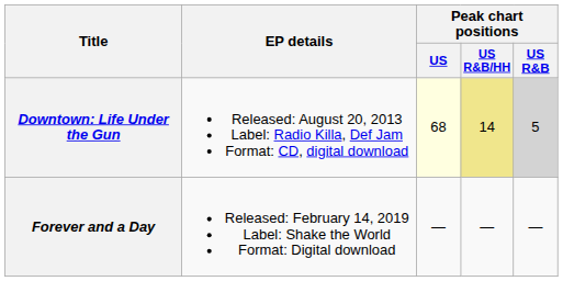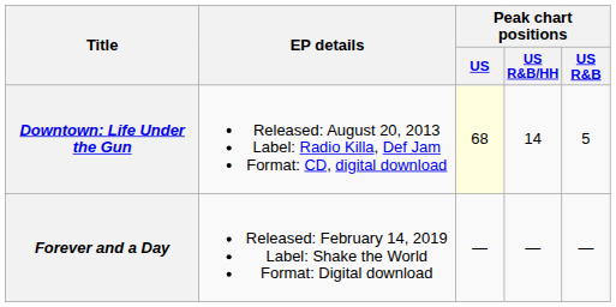 <table class="wikitable plainrowheaders" style="text-align:center;">
 <tr>
 <th scope="col" rowspan="2" style="width:12em;">Title</th>
 <th scope="col" rowspan="2" style="width:16em;">EP details</th>
 <th scope="col" colspan="4">Peak chart positions</th>
 </tr>
 <tr>
 <th scope="col" style="width:3em;font-size:90%;"><a href='#'>US</a><br></th>
 <th scope="col" style="width:3em;font-size:85%;"><a href='#'>US<br>R&B/HH</a><br></th>
 <th scope="col" style="width:3em;font-size:90%;"><a href='#'>US<br>R&B</a><br></th>
 </tr>
 <tr>
 <th scope="row"><em><a href='#'>Downtown: Life Under the Gun</a></em></th>
 <td><br><ul><li>Released: August 20, 2013</li><li>Label: <a href='#'>Radio Killa</a>, <a href='#'>Def Jam</a></li><li>Format: <a href='#'>CD</a>, <a href='#'>digital download</a></li></ul></td>
 <td style="background: lightyellow;">68</td>
-<td style="background: khaki;">14</td>
-<td style="background: lightgrey;">5</td>
+<td>14</td>
+<td>5</td>
 </tr>
 <tr>
 <th scope="row"><em>Forever and a Day</em></th>
 <td><br><ul><li>Released: February 14, 2019</li><li>Label: Shake the World</li><li>Format: Digital download</li></ul></td>
 <td>—</td>
 <td>—</td>
 <td>—</td>
 </tr>
 </table>
